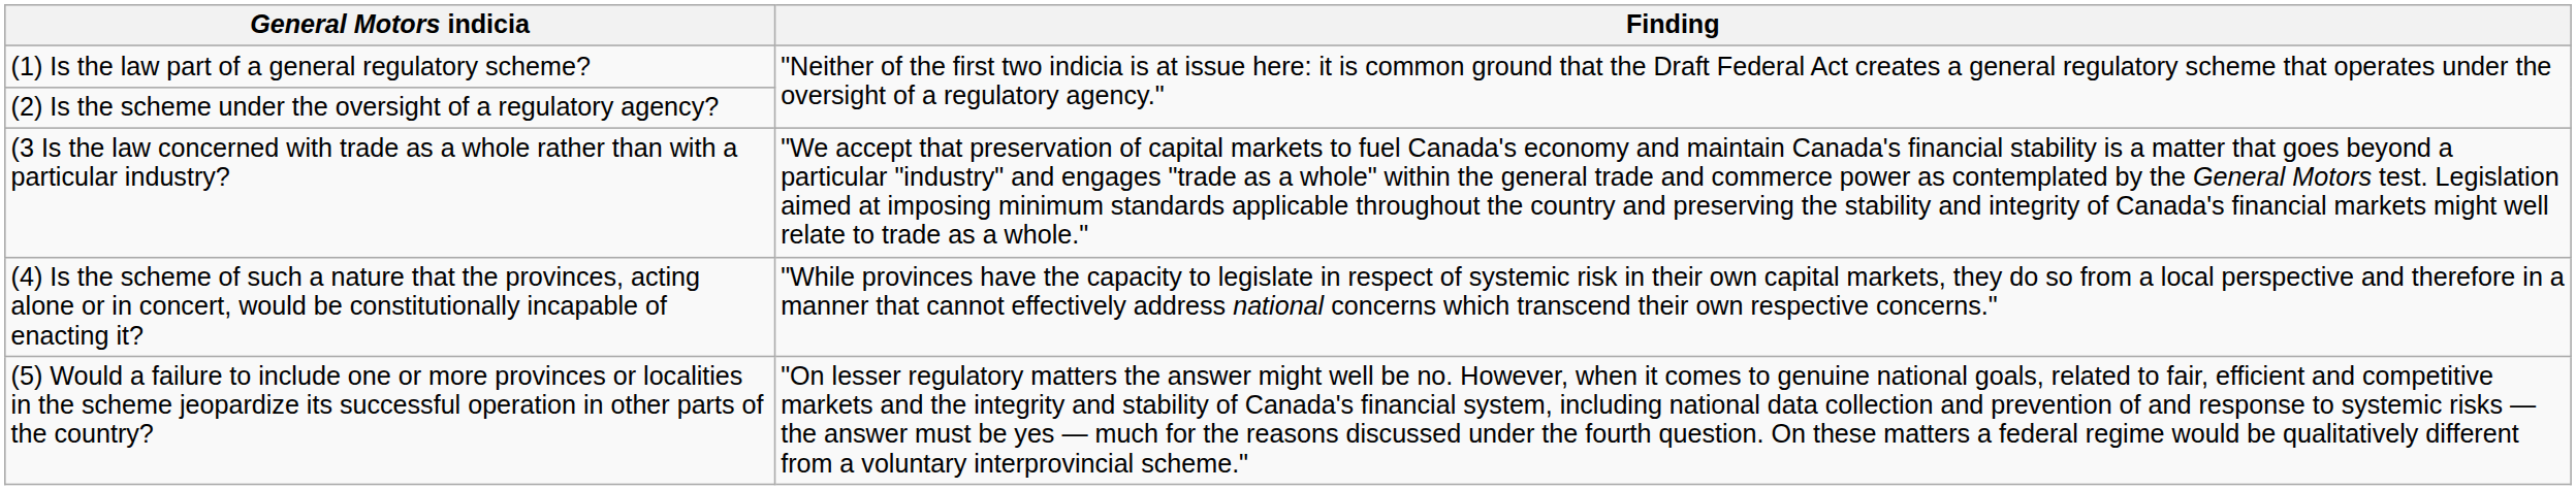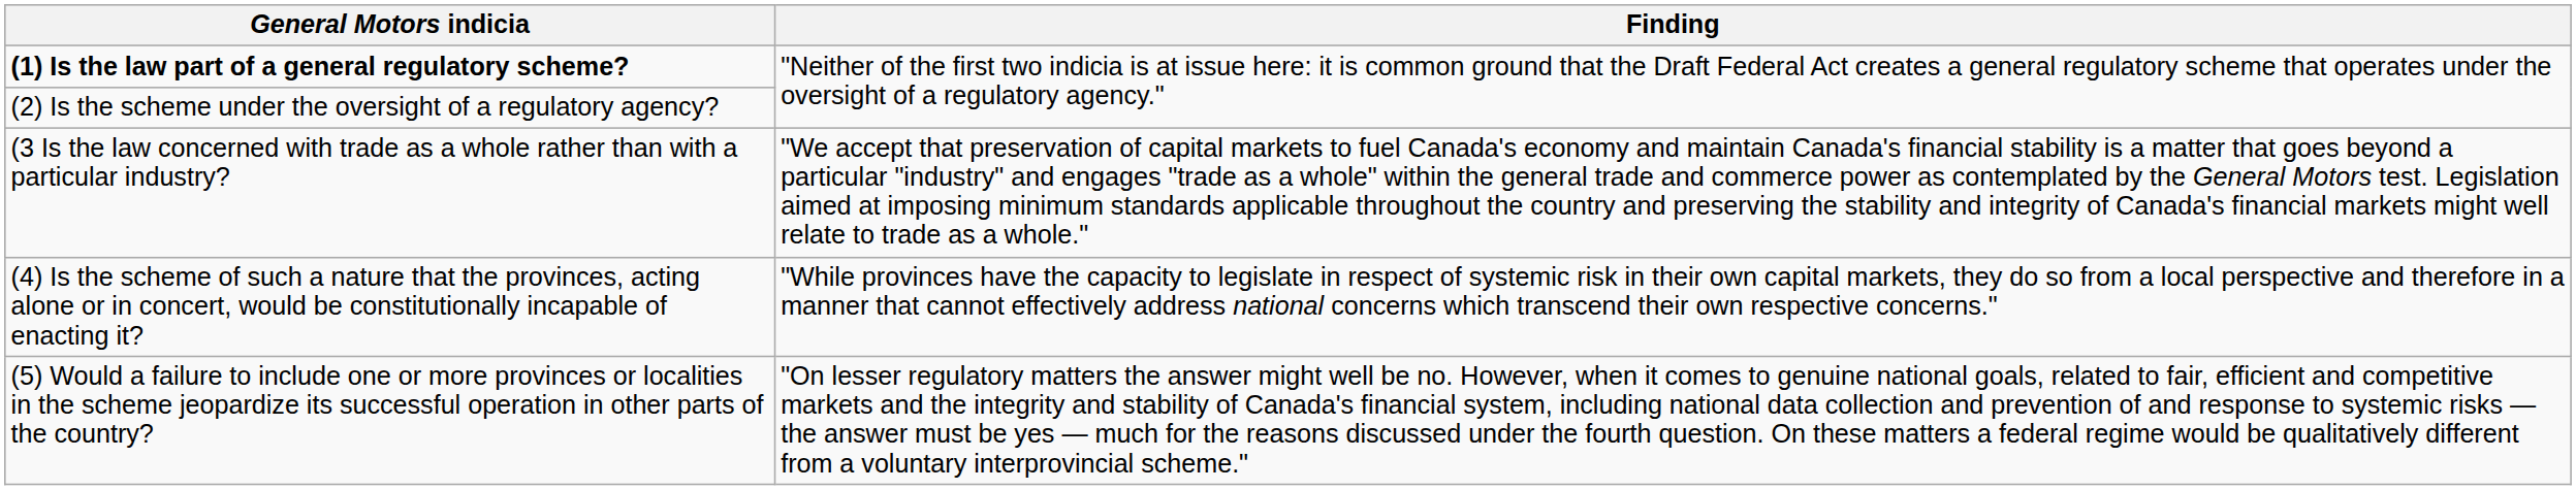 <table class="wikitable" width=100%>
 <tr>
 <th width="30%"><em>General Motors</em> indicia</th>
 <th>Finding</th>
 </tr>
 <tr valign="top">
-<td>(1) Is the law part of a general regulatory scheme?</td>
+<td><strong>(1) Is the law part of a general regulatory scheme?</strong></td>
 <td rowspan="2">"Neither of the first two indicia is at issue here: it is common ground that the Draft Federal Act creates a general regulatory scheme that operates under the oversight of a regulatory agency."</td>
 </tr>
 <tr valign="top">
 <td>(2) Is the scheme under the oversight of a regulatory agency?</td>
 </tr>
 <tr valign="top">
 <td>(3 Is the law concerned with trade as a whole rather than with a particular industry?</td>
 <td>"We accept that preservation of capital markets to fuel Canada's economy and maintain Canada's financial stability is a matter that goes beyond a particular "industry" and engages "trade as a whole" within the general trade and commerce power as contemplated by the <em>General Motors</em> test.  Legislation aimed at imposing minimum standards applicable throughout the country and preserving the stability and integrity of Canada's financial markets might well relate to trade as a whole."</td>
 </tr>
 <tr valign="top">
 <td>(4) Is the scheme of such a nature that the provinces, acting alone or in concert, would be constitutionally incapable of enacting it?</td>
 <td>"While provinces have the capacity to legislate in respect of systemic risk in their own capital markets, they do so from a local perspective and therefore in a manner that cannot effectively address <em>national</em> concerns which transcend their own respective concerns."</td>
 </tr>
 <tr valign="top">
 <td>(5) Would a failure to include one or more provinces or localities in the scheme jeopardize its successful operation in other parts of the country?</td>
 <td>"On lesser regulatory matters the answer might well be no.  However, when it comes to genuine national goals, related to fair, efficient and competitive markets and the integrity and stability of Canada's financial system, including national data collection and prevention of and response to systemic risks — the answer must be yes — much for the reasons discussed under the fourth question.  On these matters a federal regime would be qualitatively different from a voluntary interprovincial scheme."</td>
 </tr>
 </table>
